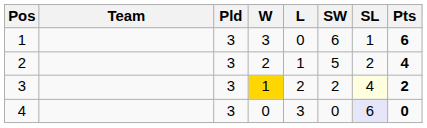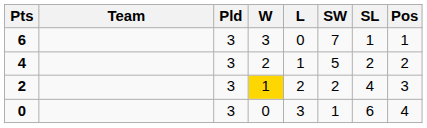 <table class="wikitable" style="text-align: center;">
 <tr>
-<th width="30">Pos</th>
+<th width="30">Pts</th>
 <th width="180">Team</th>
 <th width="30">Pld</th>
 <th width="30">W</th>
 <th width="30">L</th>
 <th width="30">SW</th>
 <th width="30">SL</th>
-<th width="30">Pts</th>
+<th width="30">Pos</th>
 </tr>
 <tr>
-<td>1</td>
+<td><strong>6</strong></td>
 <td align="left"></td>
 <td>3</td>
 <td>3</td>
 <td>0</td>
-<td>6</td>
+<td>7</td>
 <td>1</td>
-<td><strong>6</strong></td>
+<td>1</td>
 </tr>
 <tr>
-<td>2</td>
+<td><strong>4</strong></td>
 <td align="left"></td>
 <td>3</td>
 <td>2</td>
 <td>1</td>
 <td>5</td>
 <td>2</td>
-<td><strong>4</strong></td>
+<td>2</td>
 </tr>
 <tr>
-<td>3</td>
+<td><strong>2</strong></td>
 <td align="left"></td>
 <td>3</td>
 <td style="background: gold;">1</td>
 <td>2</td>
 <td>2</td>
-<td style="background: lightyellow;">4</td>
-<td><strong>2</strong></td>
+<td>4</td>
+<td>3</td>
 </tr>
 <tr>
-<td>4</td>
+<td><strong>0</strong></td>
 <td align="left"></td>
 <td>3</td>
 <td>0</td>
 <td>3</td>
-<td>0</td>
-<td style="background: lavender;">6</td>
-<td><strong>0</strong></td>
+<td>1</td>
+<td>6</td>
+<td>4</td>
 </tr>
 </table>
